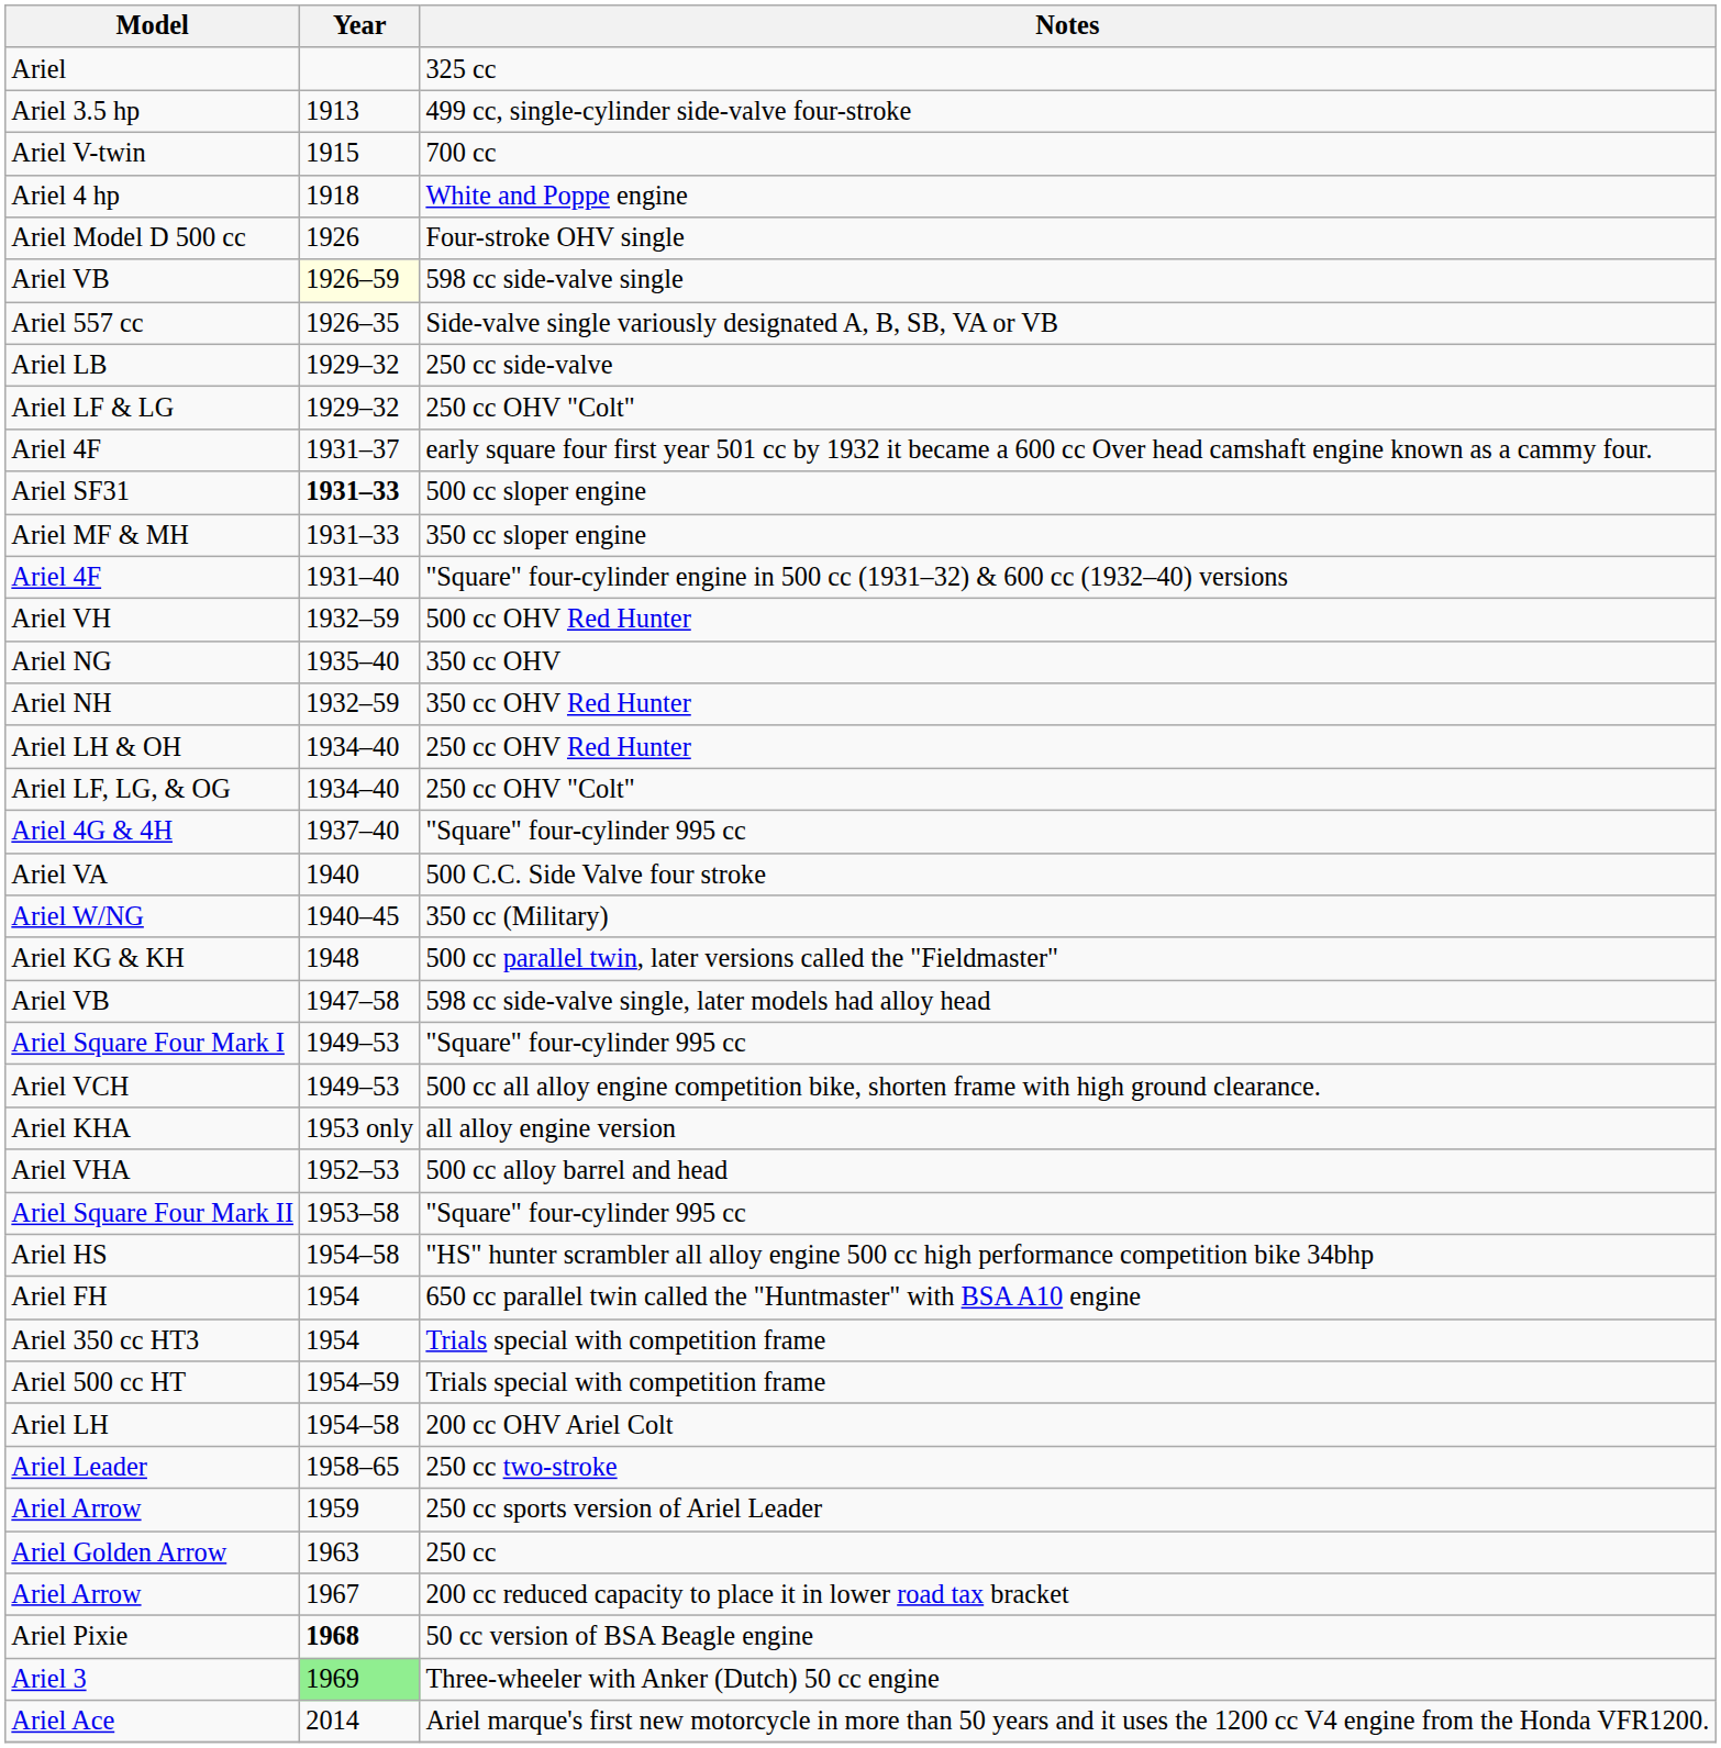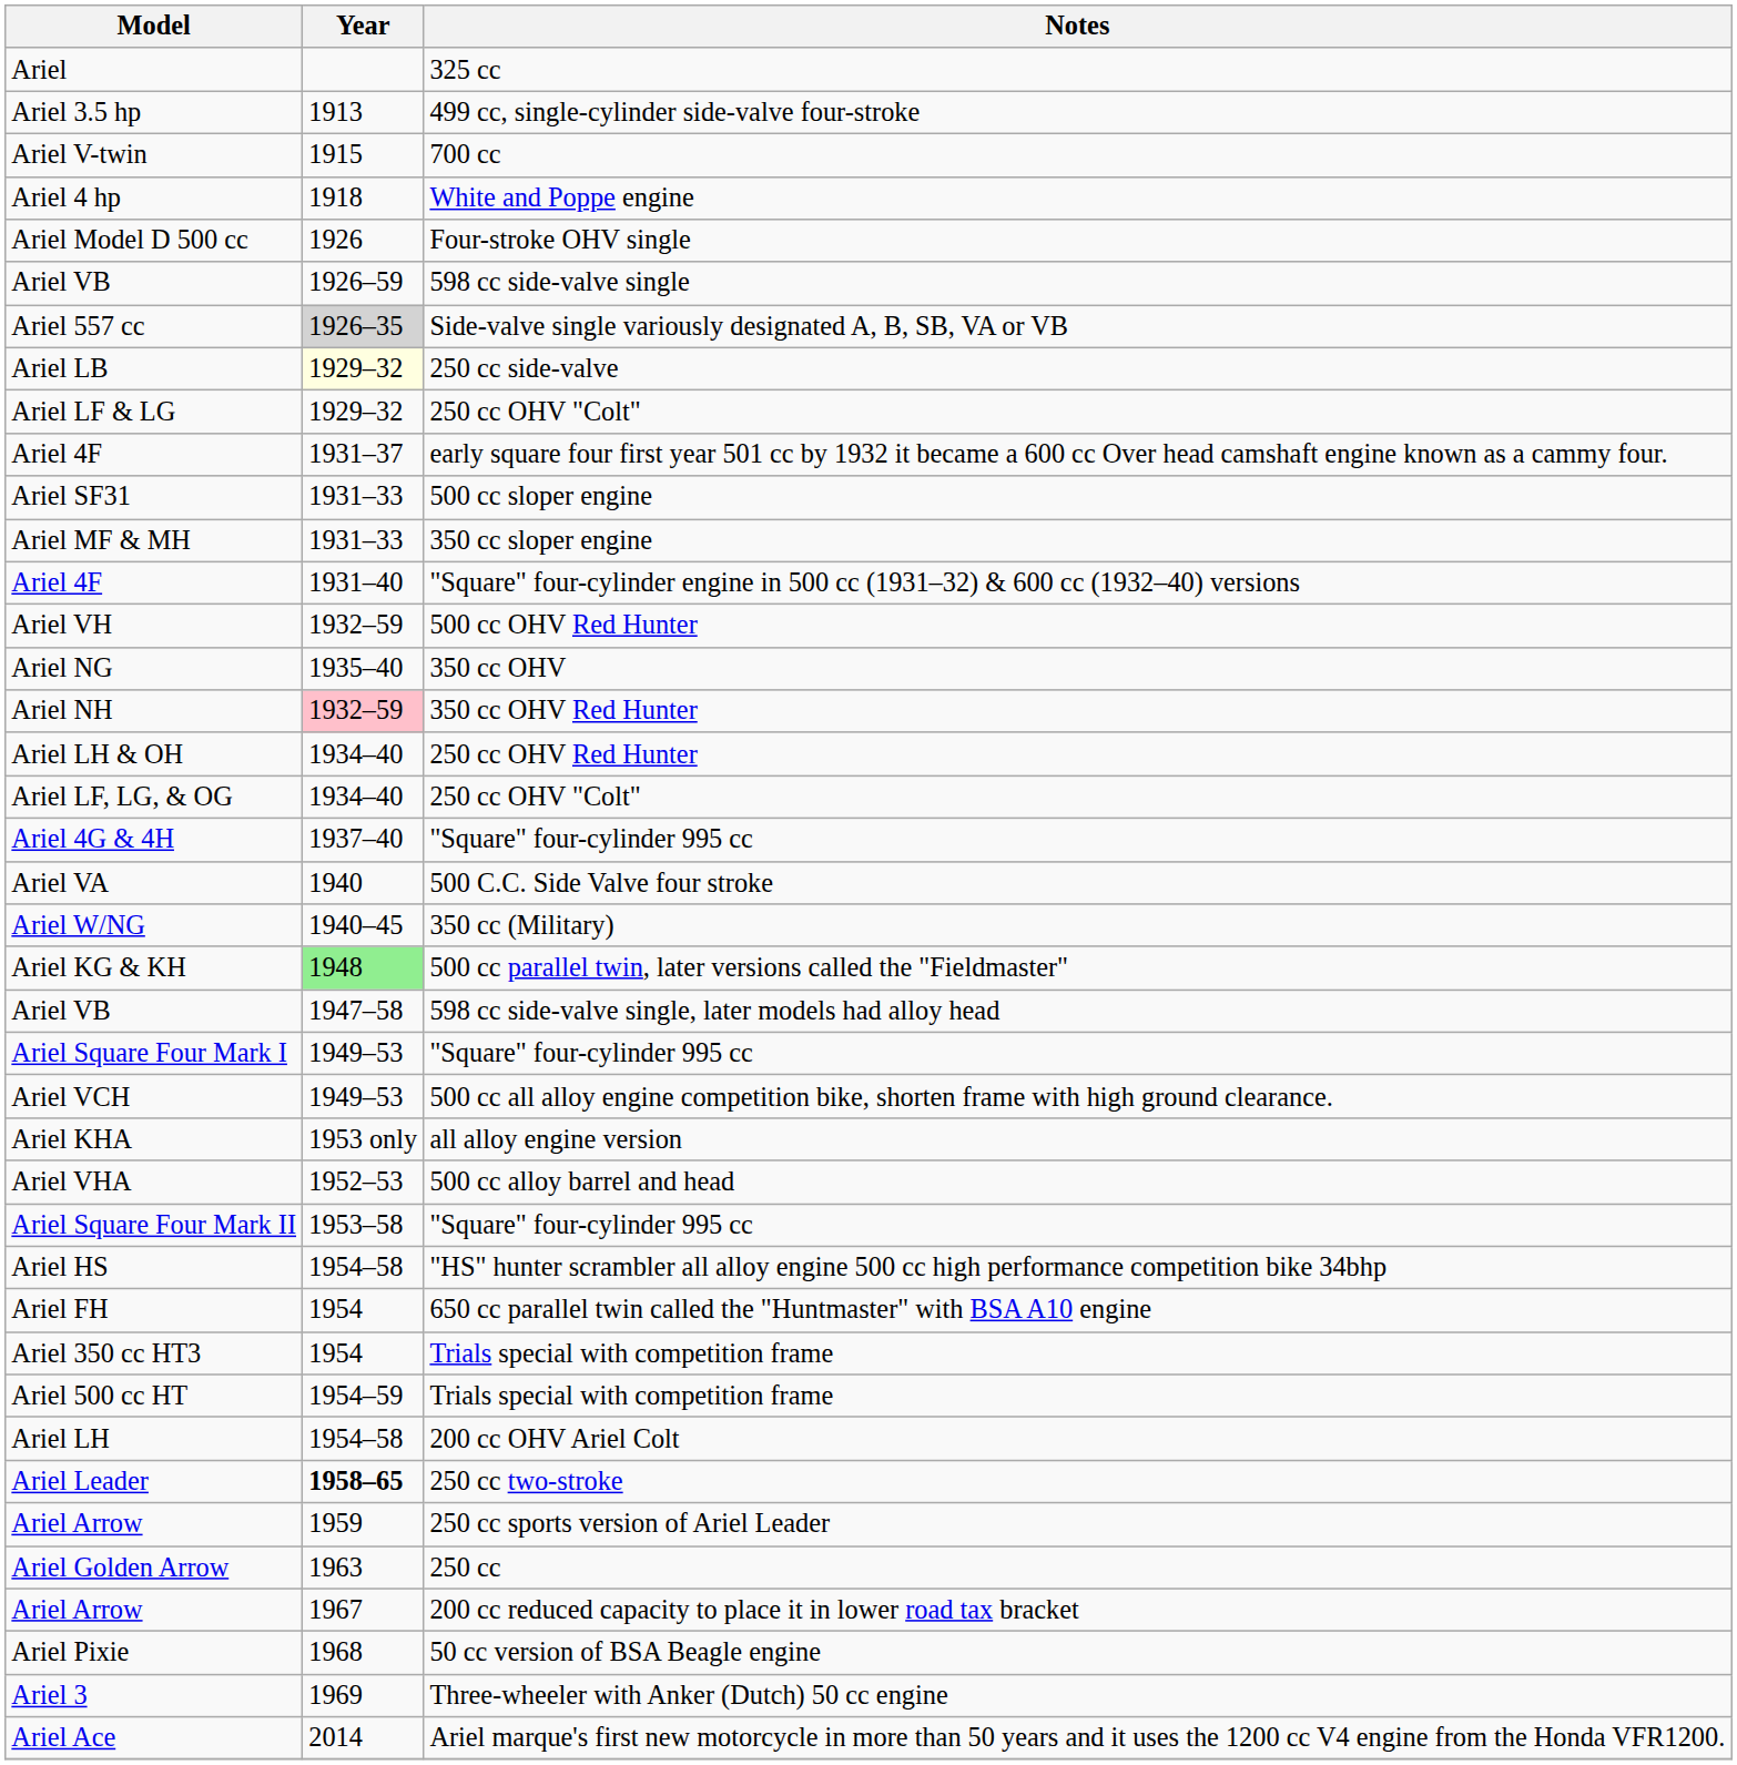 <table class="wikitable">
 <tr>
 <th>Model</th>
 <th>Year</th>
 <th>Notes</th>
 </tr>
 <tr>
 <td>Ariel</td>
 <td></td>
 <td>325 cc</td>
 </tr>
 <tr>
 <td>Ariel 3.5 hp</td>
 <td>1913</td>
 <td>499 cc, single-cylinder side-valve four-stroke</td>
 </tr>
 <tr>
 <td>Ariel V-twin</td>
 <td>1915</td>
 <td>700 cc</td>
 </tr>
 <tr>
 <td>Ariel 4 hp</td>
 <td>1918</td>
 <td><a href='#'>White and Poppe</a> engine</td>
 </tr>
 <tr>
 <td>Ariel Model D 500 cc</td>
 <td>1926</td>
 <td>Four-stroke OHV single</td>
 </tr>
 <tr>
 <td>Ariel VB</td>
-<td style="background: lightyellow;">1926–59</td>
+<td>1926–59</td>
 <td>598 cc side-valve single</td>
 </tr>
 <tr>
 <td>Ariel 557 cc</td>
-<td>1926–35</td>
+<td style="background: lightgrey;">1926–35</td>
 <td>Side-valve single variously designated A, B, SB, VA or VB</td>
 </tr>
 <tr>
 <td>Ariel LB</td>
-<td>1929–32</td>
+<td style="background: lightyellow;">1929–32</td>
 <td>250 cc side-valve</td>
 </tr>
 <tr>
 <td>Ariel LF & LG</td>
 <td>1929–32</td>
 <td>250 cc OHV "Colt"</td>
 </tr>
 <tr>
 <td>Ariel 4F</td>
 <td>1931–37</td>
 <td>early square four first year 501 cc by 1932 it became a 600 cc  Over head camshaft engine known as a cammy four.</td>
 </tr>
 <tr>
 <td>Ariel SF31</td>
-<td><strong>1931–33</strong></td>
+<td>1931–33</td>
 <td>500 cc sloper engine</td>
 </tr>
 <tr>
 <td>Ariel MF & MH</td>
 <td>1931–33</td>
 <td>350 cc sloper engine</td>
 </tr>
 <tr>
 <td><a href='#'>Ariel 4F</a></td>
 <td>1931–40</td>
 <td>"Square" four-cylinder engine in 500 cc (1931–32) & 600 cc (1932–40) versions</td>
 </tr>
 <tr>
 <td>Ariel VH</td>
 <td>1932–59</td>
 <td>500 cc OHV <a href='#'>Red Hunter</a></td>
 </tr>
 <tr>
 <td>Ariel NG</td>
 <td>1935–40</td>
 <td>350 cc OHV</td>
 </tr>
 <tr>
 <td>Ariel NH</td>
-<td>1932–59</td>
+<td style="background: pink;">1932–59</td>
 <td>350 cc OHV <a href='#'>Red Hunter</a></td>
 </tr>
 <tr>
 <td>Ariel LH & OH</td>
 <td>1934–40</td>
 <td>250 cc OHV <a href='#'>Red Hunter</a></td>
 </tr>
 <tr>
 <td>Ariel LF, LG, & OG</td>
 <td>1934–40</td>
 <td>250 cc OHV "Colt"</td>
 </tr>
 <tr>
 <td><a href='#'>Ariel 4G & 4H</a></td>
 <td>1937–40</td>
 <td>"Square" four-cylinder 995 cc</td>
 </tr>
 <tr>
 <td>Ariel VA</td>
 <td>1940</td>
 <td>500 C.C. Side Valve four stroke</td>
 </tr>
 <tr>
 <td><a href='#'>Ariel W/NG</a></td>
 <td>1940–45</td>
 <td>350 cc (Military)</td>
 </tr>
 <tr>
 <td>Ariel KG & KH</td>
-<td>1948</td>
+<td style="background: lightgreen;">1948</td>
 <td>500 cc <a href='#'>parallel twin</a>, later versions called the "Fieldmaster"</td>
 </tr>
 <tr>
 <td>Ariel VB</td>
 <td>1947–58</td>
 <td>598 cc side-valve single, later models had alloy head</td>
 </tr>
 <tr>
 <td><a href='#'>Ariel Square Four Mark I</a></td>
 <td>1949–53</td>
 <td>"Square" four-cylinder 995 cc</td>
 </tr>
 <tr>
 <td>Ariel VCH</td>
 <td>1949–53</td>
 <td>500 cc all alloy engine competition bike,  shorten frame with high ground clearance.</td>
 </tr>
 <tr>
 <td>Ariel KHA</td>
 <td>1953 only</td>
 <td>all alloy engine version</td>
 </tr>
 <tr>
 <td>Ariel VHA</td>
 <td>1952–53</td>
 <td>500 cc alloy barrel and head</td>
 </tr>
 <tr>
 <td><a href='#'>Ariel Square Four Mark II</a></td>
 <td>1953–58</td>
 <td>"Square" four-cylinder 995 cc</td>
 </tr>
 <tr>
 <td>Ariel HS</td>
 <td>1954–58</td>
 <td>"HS" hunter scrambler all alloy engine 500 cc high performance competition bike 34bhp</td>
 </tr>
 <tr>
 <td>Ariel FH</td>
 <td>1954</td>
 <td>650 cc parallel twin called the "Huntmaster" with <a href='#'>BSA A10</a> engine</td>
 </tr>
 <tr>
 <td>Ariel 350 cc HT3</td>
 <td>1954</td>
 <td><a href='#'>Trials</a> special with competition frame</td>
 </tr>
 <tr>
 <td>Ariel 500 cc HT</td>
 <td>1954–59</td>
 <td>Trials special with competition frame</td>
 </tr>
 <tr>
 <td>Ariel LH</td>
 <td>1954–58</td>
 <td>200 cc OHV Ariel Colt</td>
 </tr>
 <tr>
 <td><a href='#'>Ariel Leader</a></td>
-<td>1958–65</td>
+<td><strong>1958–65</strong></td>
 <td>250 cc <a href='#'>two-stroke</a></td>
 </tr>
 <tr>
 <td><a href='#'>Ariel Arrow</a></td>
 <td>1959</td>
 <td>250 cc sports version of Ariel Leader</td>
 </tr>
 <tr>
 <td><a href='#'>Ariel Golden Arrow</a></td>
 <td>1963</td>
 <td>250 cc</td>
 </tr>
 <tr>
 <td><a href='#'>Ariel Arrow</a></td>
 <td>1967</td>
 <td>200 cc reduced capacity to place it in lower <a href='#'>road tax</a> bracket</td>
 </tr>
 <tr>
 <td>Ariel Pixie</td>
-<td><strong>1968</strong></td>
+<td>1968</td>
 <td>50 cc version of BSA Beagle engine</td>
 </tr>
 <tr>
 <td><a href='#'>Ariel 3</a></td>
-<td style="background: lightgreen;">1969</td>
+<td>1969</td>
 <td>Three-wheeler with Anker (Dutch) 50 cc engine</td>
 </tr>
 <tr>
 <td><a href='#'>Ariel Ace</a></td>
 <td>2014</td>
 <td>Ariel marque's first new motorcycle in more than 50 years and it uses the 1200 cc V4 engine from the Honda VFR1200.</td>
 </tr>
 <tr>
 </tr>
 </table>
